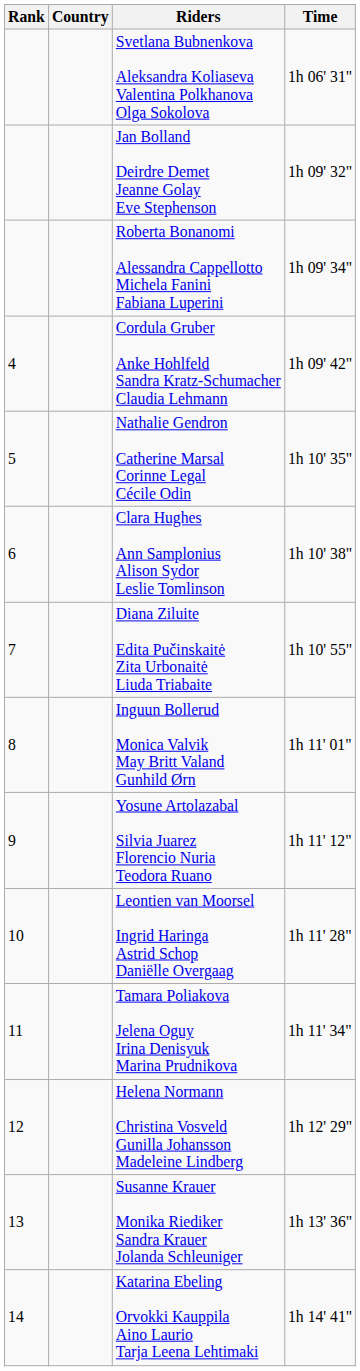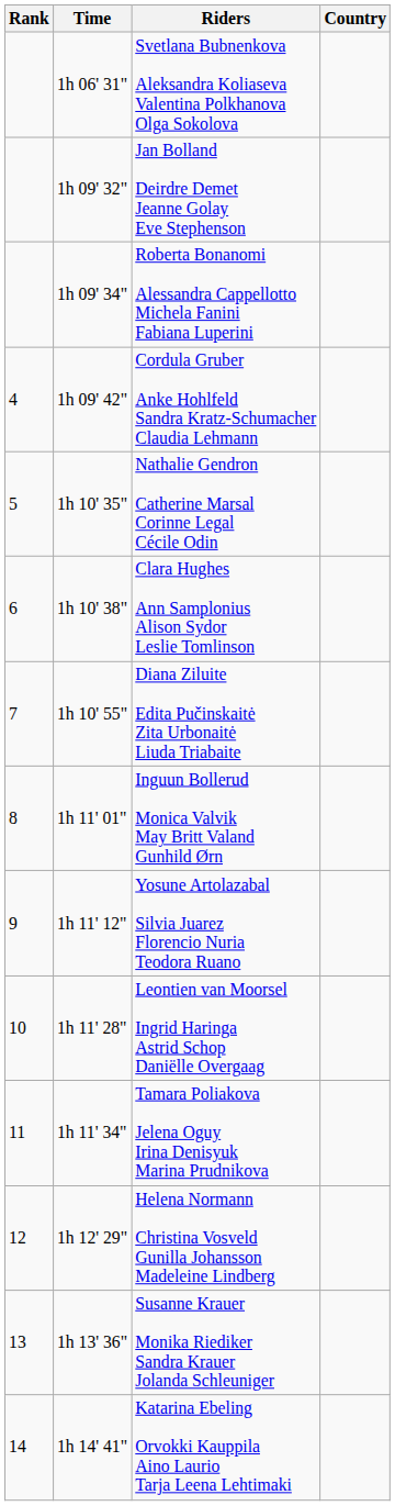 <table class="wikitable" text-align:center;">
 <tr>
 <th>Rank</th>
+<th>Time</th>
+<th>Riders</th>
 <th>Country</th>
-<th>Riders</th>
-<th>Time</th>
 </tr>
 <tr>
 <td></td>
+<td>1h 06' 31"</td>
+<td><a href='#'>Svetlana Bubnenkova</a><br><br><a href='#'>Aleksandra Koliaseva</a><br> <a href='#'>Valentina Polkhanova</a><br> <a href='#'>Olga Sokolova</a></td>
 <td align="left"><strong></strong></td>
-<td><a href='#'>Svetlana Bubnenkova</a><br><br><a href='#'>Aleksandra Koliaseva</a><br> <a href='#'>Valentina Polkhanova</a><br> <a href='#'>Olga Sokolova</a></td>
-<td>1h 06' 31"</td>
 </tr>
 <tr>
 <td></td>
+<td>1h 09' 32"</td>
+<td><a href='#'>Jan Bolland</a><br><br><a href='#'>Deirdre Demet</a><br> <a href='#'>Jeanne Golay</a><br> <a href='#'>Eve Stephenson</a></td>
 <td align="left"><strong></strong></td>
-<td><a href='#'>Jan Bolland</a><br><br><a href='#'>Deirdre Demet</a><br> <a href='#'>Jeanne Golay</a><br> <a href='#'>Eve Stephenson</a></td>
-<td>1h 09' 32"</td>
 </tr>
 <tr>
 <td></td>
+<td>1h 09' 34"</td>
+<td><a href='#'>Roberta Bonanomi</a><br><br><a href='#'>Alessandra Cappellotto</a><br> <a href='#'>Michela Fanini</a><br> <a href='#'>Fabiana Luperini</a></td>
 <td align="left"><strong></strong></td>
-<td><a href='#'>Roberta Bonanomi</a><br><br><a href='#'>Alessandra Cappellotto</a><br> <a href='#'>Michela Fanini</a><br> <a href='#'>Fabiana Luperini</a></td>
-<td>1h 09' 34"</td>
 </tr>
 <tr>
 <td>4</td>
+<td>1h 09' 42"</td>
+<td><a href='#'>Cordula Gruber</a><br><br><a href='#'>Anke Hohlfeld</a><br> <a href='#'>Sandra Kratz-Schumacher</a><br> <a href='#'>Claudia Lehmann</a></td>
 <td align="left"><strong></strong></td>
-<td><a href='#'>Cordula Gruber</a><br><br><a href='#'>Anke Hohlfeld</a><br> <a href='#'>Sandra Kratz-Schumacher</a><br> <a href='#'>Claudia Lehmann</a></td>
-<td>1h 09' 42"</td>
 </tr>
 <tr>
 <td>5</td>
+<td>1h 10' 35"</td>
+<td><a href='#'>Nathalie Gendron</a><br><br><a href='#'>Catherine Marsal</a><br> <a href='#'>Corinne Legal</a><br> <a href='#'>Cécile Odin</a></td>
 <td align="left"><strong></strong></td>
-<td><a href='#'>Nathalie Gendron</a><br><br><a href='#'>Catherine Marsal</a><br> <a href='#'>Corinne Legal</a><br> <a href='#'>Cécile Odin</a></td>
-<td>1h 10' 35"</td>
 </tr>
 <tr>
 <td>6</td>
+<td>1h 10' 38"</td>
+<td><a href='#'>Clara Hughes</a><br><br><a href='#'>Ann Samplonius</a><br> <a href='#'>Alison Sydor</a><br> <a href='#'>Leslie Tomlinson</a></td>
 <td align="left"><strong></strong></td>
-<td><a href='#'>Clara Hughes</a><br><br><a href='#'>Ann Samplonius</a><br> <a href='#'>Alison Sydor</a><br> <a href='#'>Leslie Tomlinson</a></td>
-<td>1h 10' 38"</td>
 </tr>
 <tr>
 <td>7</td>
+<td>1h 10' 55"</td>
+<td><a href='#'>Diana Ziluite</a><br><br><a href='#'>Edita Pučinskaitė</a><br> <a href='#'>Zita Urbonaitė</a><br> <a href='#'>Liuda Triabaite</a></td>
 <td align="left"><strong></strong></td>
-<td><a href='#'>Diana Ziluite</a><br><br><a href='#'>Edita Pučinskaitė</a><br> <a href='#'>Zita Urbonaitė</a><br> <a href='#'>Liuda Triabaite</a></td>
-<td>1h 10' 55"</td>
 </tr>
 <tr>
 <td>8</td>
+<td>1h 11' 01"</td>
+<td><a href='#'>Inguun Bollerud</a><br><br><a href='#'>Monica Valvik</a><br> <a href='#'>May Britt Valand</a><br> <a href='#'>Gunhild Ørn</a></td>
 <td align="left"><strong></strong></td>
-<td><a href='#'>Inguun Bollerud</a><br><br><a href='#'>Monica Valvik</a><br> <a href='#'>May Britt Valand</a><br> <a href='#'>Gunhild Ørn</a></td>
-<td>1h 11' 01"</td>
 </tr>
 <tr>
 <td>9</td>
+<td>1h 11' 12"</td>
+<td><a href='#'>Yosune Artolazabal</a><br><br><a href='#'>Silvia Juarez</a><br> <a href='#'>Florencio Nuria</a><br> <a href='#'>Teodora Ruano</a></td>
 <td align="left"><strong></strong></td>
-<td><a href='#'>Yosune Artolazabal</a><br><br><a href='#'>Silvia Juarez</a><br> <a href='#'>Florencio Nuria</a><br> <a href='#'>Teodora Ruano</a></td>
-<td>1h 11' 12"</td>
 </tr>
 <tr>
 <td>10</td>
+<td>1h 11' 28"</td>
+<td><a href='#'>Leontien van Moorsel</a><br><br><a href='#'>Ingrid Haringa</a><br> <a href='#'>Astrid Schop</a><br> <a href='#'>Daniëlle Overgaag</a></td>
 <td align="left"><strong></strong></td>
-<td><a href='#'>Leontien van Moorsel</a><br><br><a href='#'>Ingrid Haringa</a><br> <a href='#'>Astrid Schop</a><br> <a href='#'>Daniëlle Overgaag</a></td>
-<td>1h 11' 28"</td>
 </tr>
 <tr>
 <td>11</td>
+<td>1h 11' 34"</td>
+<td><a href='#'>Tamara Poliakova</a><br><br><a href='#'>Jelena Oguy</a><br> <a href='#'>Irina Denisyuk</a><br> <a href='#'>Marina Prudnikova</a></td>
 <td align="left"><strong></strong></td>
-<td><a href='#'>Tamara Poliakova</a><br><br><a href='#'>Jelena Oguy</a><br> <a href='#'>Irina Denisyuk</a><br> <a href='#'>Marina Prudnikova</a></td>
-<td>1h 11' 34"</td>
 </tr>
 <tr>
 <td>12</td>
+<td>1h 12' 29"</td>
+<td><a href='#'>Helena Normann</a><br><br><a href='#'>Christina Vosveld</a><br> <a href='#'>Gunilla Johansson</a><br> <a href='#'>Madeleine Lindberg</a></td>
 <td align="left"><strong></strong></td>
-<td><a href='#'>Helena Normann</a><br><br><a href='#'>Christina Vosveld</a><br> <a href='#'>Gunilla Johansson</a><br> <a href='#'>Madeleine Lindberg</a></td>
-<td>1h 12' 29"</td>
 </tr>
 <tr>
 <td>13</td>
+<td>1h 13' 36"</td>
+<td><a href='#'>Susanne Krauer</a><br><br><a href='#'>Monika Riediker</a><br> <a href='#'>Sandra Krauer</a><br> <a href='#'>Jolanda Schleuniger</a></td>
 <td align="left"><strong></strong></td>
-<td><a href='#'>Susanne Krauer</a><br><br><a href='#'>Monika Riediker</a><br> <a href='#'>Sandra Krauer</a><br> <a href='#'>Jolanda Schleuniger</a></td>
-<td>1h 13' 36"</td>
 </tr>
 <tr>
 <td>14</td>
+<td>1h 14' 41"</td>
+<td><a href='#'>Katarina Ebeling</a><br><br><a href='#'>Orvokki Kauppila</a><br> <a href='#'>Aino Laurio</a><br> <a href='#'>Tarja Leena Lehtimaki</a></td>
 <td align="left"><strong></strong></td>
-<td><a href='#'>Katarina Ebeling</a><br><br><a href='#'>Orvokki Kauppila</a><br> <a href='#'>Aino Laurio</a><br> <a href='#'>Tarja Leena Lehtimaki</a></td>
-<td>1h 14' 41"</td>
 </tr>
 </table>
